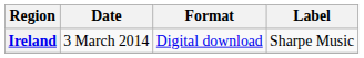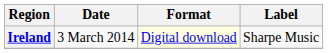 <table class="wikitable sortable plainrowheaders" style="text-align:center">
 <tr>
 <th>Region</th>
 <th>Date</th>
 <th>Format</th>
 <th>Label</th>
 </tr>
 <tr>
 <th scope="row"><a href='#'>Ireland</a></th>
 <td>3 March 2014</td>
-<td><a href='#'>Digital download</a></td>
+<td style="background: lightyellow;"><a href='#'>Digital download</a></td>
 <td>Sharpe Music</td>
 </tr>
 <tr>
 </tr>
 </table>
